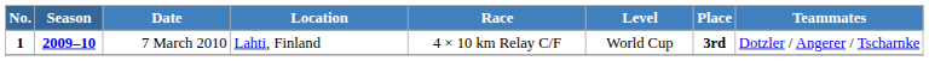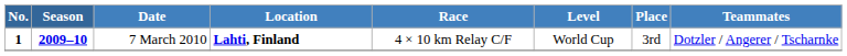 <table class="wikitable sortable" style="font-size:95%; text-align:center; border:grey solid 1px; border-collapse:collapse; background:#ffffff;">
 <tr style="background:#efefef;">
 <th style="background-color:#369; color:white;">No.</th>
 <th style="background-color:#369; color:white;">Season</th>
 <th style="background-color:#4180be; color:white; width:120px;">Date</th>
 <th style="background-color:#4180be; color:white; width:170px;">Location</th>
 <th style="background-color:#4180be; color:white; width:170px;">Race</th>
 <th style="background-color:#4180be; color:white; width:100px;">Level</th>
 <th style="background-color:#4180be; color:white;">Place</th>
 <th style="background-color:#4180be; color:white;">Teammates</th>
 </tr>
 <tr>
 <td align=center><strong>1</strong></td>
 <td rowspan=1 align=center><strong> <a href='#'>2009–10</a> </strong></td>
 <td align=right>7 March 2010</td>
-<td align=left> <a href='#'>Lahti</a>, Finland</td>
+<td align=left><strong> <a href='#'>Lahti</a>, Finland</strong></td>
 <td>4 × 10 km Relay C/F</td>
 <td>World Cup</td>
-<td><strong>3rd</strong></td>
+<td>3rd</td>
 <td><a href='#'>Dotzler</a> / <a href='#'>Angerer</a> / <a href='#'>Tscharnke</a></td>
 </tr>
 <tr>
 </tr>
 </table>
